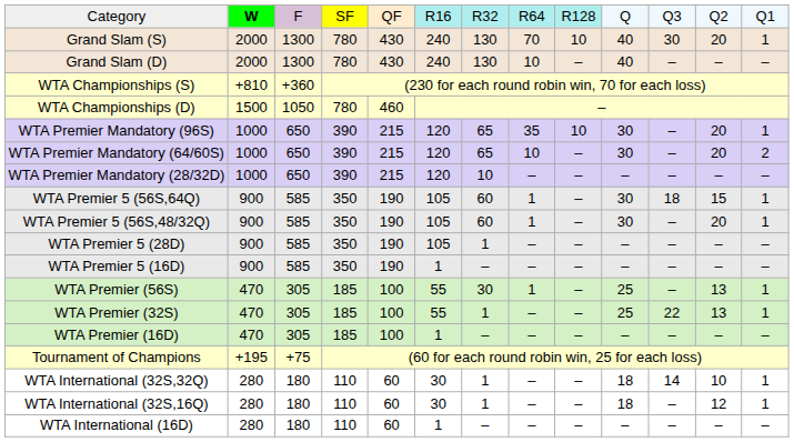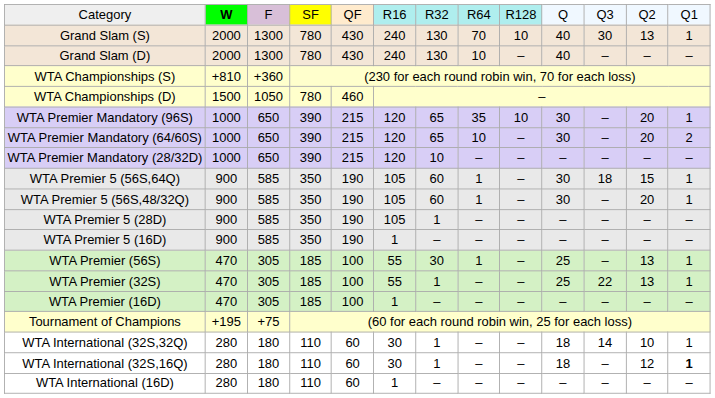 <table class="wikitable" style="font-size:90%">
 <tr align=center>
 <td style="background:#efefef;">Category</td>
 <td style="width:40px; background:lime;"><strong>W</strong></td>
 <td style="width:40px; background:thistle;">F</td>
 <td style="width:40px; background:#ff0;">SF</td>
 <td style="width:40px; background:#ffebcd;">QF</td>
 <td style="width:40px; background:#afeeee;">R16</td>
 <td style="width:40px; background:#afeeee;">R32</td>
 <td style="width:40px; background:#afeeee;">R64</td>
 <td style="width:40px; background:#afeeee;">R128</td>
 <td style="width:40px; background:#f0f8ff;">Q</td>
 <td style="width:40px; background:#f0f8ff;">Q3</td>
 <td style="width:40px; background:#f0f8ff;">Q2</td>
 <td style="width:40px; background:#f0f8ff;">Q1</td>
 </tr>
 <tr style="text-align:center; background:#F3E6D7;">
 <td>Grand Slam (S)</td>
 <td>2000</td>
 <td>1300</td>
 <td>780</td>
 <td>430</td>
 <td>240</td>
 <td>130</td>
 <td>70</td>
 <td>10</td>
 <td>40</td>
 <td>30</td>
-<td>20</td>
+<td>13</td>
 <td>1</td>
 </tr>
 <tr style="text-align:center; background:#F3E6D7;">
 <td>Grand Slam (D)</td>
 <td>2000</td>
 <td>1300</td>
 <td>780</td>
 <td>430</td>
 <td>240</td>
 <td>130</td>
 <td>10</td>
 <td>–</td>
 <td>40</td>
 <td>–</td>
 <td>–</td>
 <td>–</td>
 </tr>
 <tr style="text-align:center; background:#ffc;">
 <td>WTA Championships (S)</td>
 <td>+810</td>
 <td>+360</td>
 <td colspan="10" style="text-align:center">(230 for each round robin win, 70 for each loss)</td>
 </tr>
 <tr style="text-align:center; background:#ffc;">
 <td>WTA Championships (D)</td>
 <td>1500</td>
 <td>1050</td>
 <td>780</td>
 <td>460</td>
 <td colspan="8" style="text-align:center">–</td>
 </tr>
 <tr style="text-align:center; background:#d8cef6;">
 <td>WTA Premier Mandatory (96S)</td>
 <td>1000</td>
 <td>650</td>
 <td>390</td>
 <td>215</td>
 <td>120</td>
 <td>65</td>
 <td>35</td>
 <td>10</td>
 <td>30</td>
 <td>–</td>
 <td>20</td>
 <td>1</td>
 </tr>
 <tr style="text-align:center; background:#d8cef6;">
 <td>WTA Premier Mandatory (64/60S)</td>
 <td>1000</td>
 <td>650</td>
 <td>390</td>
 <td>215</td>
 <td>120</td>
 <td>65</td>
 <td>10</td>
 <td>–</td>
 <td>30</td>
 <td>–</td>
 <td>20</td>
 <td>2</td>
 </tr>
 <tr style="text-align:center; background:#d8cef6;">
 <td>WTA Premier Mandatory (28/32D)</td>
 <td>1000</td>
 <td>650</td>
 <td>390</td>
 <td>215</td>
 <td>120</td>
 <td>10</td>
 <td>–</td>
 <td>–</td>
 <td>–</td>
 <td>–</td>
 <td>–</td>
 <td>–</td>
 </tr>
 <tr style="text-align:center; background:#E9E9E9;">
 <td>WTA Premier 5 (56S,64Q)</td>
 <td>900</td>
 <td>585</td>
 <td>350</td>
 <td>190</td>
 <td>105</td>
 <td>60</td>
 <td>1</td>
 <td>–</td>
 <td>30</td>
 <td>18</td>
 <td>15</td>
 <td>1</td>
 </tr>
 <tr style="text-align:center; background:#E9E9E9;">
 <td>WTA Premier 5 (56S,48/32Q)</td>
 <td>900</td>
 <td>585</td>
 <td>350</td>
 <td>190</td>
 <td>105</td>
 <td>60</td>
 <td>1</td>
 <td>–</td>
 <td>30</td>
 <td>–</td>
 <td>20</td>
 <td>1</td>
 </tr>
 <tr style="text-align:center; background:#E9E9E9;">
 <td>WTA Premier 5 (28D)</td>
 <td>900</td>
 <td>585</td>
 <td>350</td>
 <td>190</td>
 <td>105</td>
 <td>1</td>
 <td>–</td>
 <td>–</td>
 <td>–</td>
 <td>–</td>
 <td>–</td>
 <td>–</td>
 </tr>
 <tr style="text-align:center; background:#E9E9E9;">
 <td>WTA Premier 5 (16D)</td>
 <td>900</td>
 <td>585</td>
 <td>350</td>
 <td>190</td>
 <td>1</td>
 <td>–</td>
 <td>–</td>
 <td>–</td>
 <td>–</td>
 <td>–</td>
 <td>–</td>
 <td>–</td>
 </tr>
 <tr style="text-align:center; background:#D4F1C5;">
 <td>WTA Premier (56S)</td>
 <td>470</td>
 <td>305</td>
 <td>185</td>
 <td>100</td>
 <td>55</td>
 <td>30</td>
 <td>1</td>
 <td>–</td>
 <td>25</td>
 <td>–</td>
 <td>13</td>
 <td>1</td>
 </tr>
 <tr style="text-align:center; background:#D4F1C5;">
 <td>WTA Premier (32S)</td>
 <td>470</td>
 <td>305</td>
 <td>185</td>
 <td>100</td>
 <td>55</td>
 <td>1</td>
 <td>–</td>
 <td>–</td>
 <td>25</td>
 <td>22</td>
 <td>13</td>
 <td>1</td>
 </tr>
 <tr style="text-align:center; background:#D4F1C5;">
 <td>WTA Premier (16D)</td>
 <td>470</td>
 <td>305</td>
 <td>185</td>
 <td>100</td>
 <td>1</td>
 <td>–</td>
 <td>–</td>
 <td>–</td>
 <td>–</td>
 <td>–</td>
 <td>–</td>
 <td>–</td>
 </tr>
 <tr style="text-align:center; background:#ffc;">
 <td>Tournament of Champions</td>
 <td>+195</td>
 <td>+75</td>
 <td colspan="10" style="text-align:center">(60 for each round robin win, 25 for each loss)</td>
 </tr>
 <tr style="text-align:center; background:#fff;">
 <td>WTA International (32S,32Q)</td>
 <td>280</td>
 <td>180</td>
 <td>110</td>
 <td>60</td>
 <td>30</td>
 <td>1</td>
 <td>–</td>
 <td>–</td>
 <td>18</td>
 <td>14</td>
 <td>10</td>
 <td>1</td>
 </tr>
 <tr style="text-align:center; background:#fff;">
 <td>WTA International (32S,16Q)</td>
 <td>280</td>
 <td>180</td>
 <td>110</td>
 <td>60</td>
 <td>30</td>
 <td>1</td>
 <td>–</td>
 <td>–</td>
 <td>18</td>
 <td>–</td>
 <td>12</td>
-<td>1</td>
+<td><strong>1</strong></td>
 </tr>
 <tr style="text-align:center; background:#fff;">
 <td>WTA International (16D)</td>
 <td>280</td>
 <td>180</td>
 <td>110</td>
 <td>60</td>
 <td>1</td>
 <td>–</td>
 <td>–</td>
 <td>–</td>
 <td>–</td>
 <td>–</td>
 <td>–</td>
 <td>–</td>
 </tr>
 </table>
